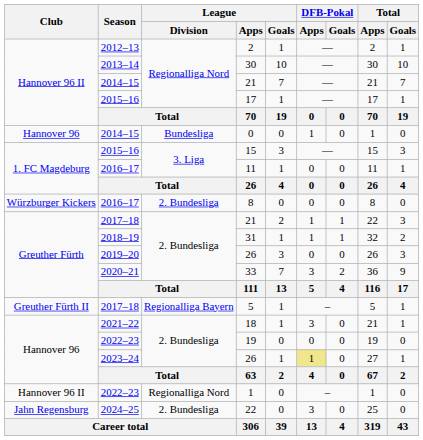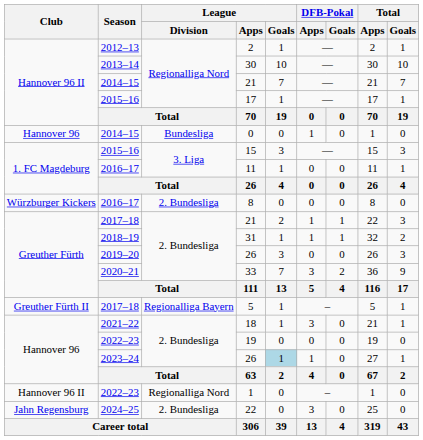 <table class="wikitable" style="text-align: center">
 <tr>
 <th rowspan="2">Club</th>
 <th rowspan="2">Season</th>
 <th colspan="3">League</th>
 <th colspan="2"><a href='#'>DFB-Pokal</a></th>
 <th colspan="2">Total</th>
 </tr>
 <tr>
 <th>Division</th>
 <th>Apps</th>
 <th>Goals</th>
 <th>Apps</th>
 <th>Goals</th>
 <th>Apps</th>
 <th>Goals</th>
 </tr>
 <tr>
 <td rowspan="5"><a href='#'>Hannover 96 II</a></td>
 <td><a href='#'>2012–13</a></td>
 <td rowspan="4"><a href='#'>Regionalliga Nord</a></td>
 <td>2</td>
 <td>1</td>
 <td colspan="2">—</td>
 <td>2</td>
 <td>1</td>
 </tr>
 <tr>
 <td><a href='#'>2013–14</a></td>
 <td>30</td>
 <td>10</td>
 <td colspan="2">—</td>
 <td>30</td>
 <td>10</td>
 </tr>
 <tr>
 <td><a href='#'>2014–15</a></td>
 <td>21</td>
 <td>7</td>
 <td colspan="2">—</td>
 <td>21</td>
 <td>7</td>
 </tr>
 <tr>
 <td><a href='#'>2015–16</a></td>
 <td>17</td>
 <td>1</td>
 <td colspan="2">—</td>
 <td>17</td>
 <td>1</td>
 </tr>
 <tr>
 <th colspan="2">Total</th>
 <th>70</th>
 <th>19</th>
 <th>0</th>
 <th>0</th>
 <th>70</th>
 <th>19</th>
 </tr>
 <tr>
 <td><a href='#'>Hannover 96</a></td>
 <td><a href='#'>2014–15</a></td>
 <td><a href='#'>Bundesliga</a></td>
 <td>0</td>
 <td>0</td>
 <td>1</td>
 <td>0</td>
 <td>1</td>
 <td>0</td>
 </tr>
 <tr>
 <td rowspan="3"><a href='#'>1. FC Magdeburg</a></td>
 <td><a href='#'>2015–16</a></td>
 <td rowspan="2"><a href='#'>3. Liga</a></td>
 <td>15</td>
 <td>3</td>
 <td colspan="2">—</td>
 <td>15</td>
 <td>3</td>
 </tr>
 <tr>
 <td><a href='#'>2016–17</a></td>
 <td>11</td>
 <td>1</td>
 <td>0</td>
 <td>0</td>
 <td>11</td>
 <td>1</td>
 </tr>
 <tr>
 <th colspan="2">Total</th>
 <th>26</th>
 <th>4</th>
 <th>0</th>
 <th>0</th>
 <th>26</th>
 <th>4</th>
 </tr>
 <tr>
 <td><a href='#'>Würzburger Kickers</a></td>
 <td><a href='#'>2016–17</a></td>
 <td><a href='#'>2. Bundesliga</a></td>
 <td>8</td>
 <td>0</td>
 <td>0</td>
 <td>0</td>
 <td>8</td>
 <td>0</td>
 </tr>
 <tr>
 <td rowspan="5"><a href='#'>Greuther Fürth</a></td>
 <td><a href='#'>2017–18</a></td>
 <td rowspan="4">2. Bundesliga</td>
 <td>21</td>
 <td>2</td>
 <td>1</td>
 <td>1</td>
 <td>22</td>
 <td>3</td>
 </tr>
 <tr>
 <td><a href='#'>2018–19</a></td>
 <td>31</td>
 <td>1</td>
 <td>1</td>
 <td>1</td>
 <td>32</td>
 <td>2</td>
 </tr>
 <tr>
 <td><a href='#'>2019–20</a></td>
 <td>26</td>
 <td>3</td>
 <td>0</td>
 <td>0</td>
 <td>26</td>
 <td>3</td>
 </tr>
 <tr>
 <td><a href='#'>2020–21</a></td>
 <td>33</td>
 <td>7</td>
 <td>3</td>
 <td>2</td>
 <td>36</td>
 <td>9</td>
 </tr>
 <tr>
 <th colspan="2">Total</th>
 <th>111</th>
 <th>13</th>
 <th>5</th>
 <th>4</th>
 <th>116</th>
 <th>17</th>
 </tr>
 <tr>
 <td><a href='#'>Greuther Fürth II</a></td>
 <td><a href='#'>2017–18</a></td>
 <td><a href='#'>Regionalliga Bayern</a></td>
 <td>5</td>
 <td>1</td>
 <td colspan="2">–</td>
 <td>5</td>
 <td>1</td>
 </tr>
 <tr>
 <td rowspan="4">Hannover 96</td>
 <td><a href='#'>2021–22</a></td>
 <td rowspan="3">2. Bundesliga</td>
 <td>18</td>
 <td>1</td>
 <td>3</td>
 <td>0</td>
 <td>21</td>
 <td>1</td>
 </tr>
 <tr>
 <td><a href='#'>2022–23</a></td>
 <td>19</td>
 <td>0</td>
 <td>0</td>
 <td>0</td>
 <td>19</td>
 <td>0</td>
 </tr>
 <tr>
 <td><a href='#'>2023–24</a></td>
 <td>26</td>
+<td style="background: lightblue;">1</td>
 <td>1</td>
-<td style="background: khaki;">1</td>
 <td>0</td>
 <td>27</td>
 <td>1</td>
 </tr>
 <tr>
 <th colspan="2">Total</th>
 <th>63</th>
 <th>2</th>
 <th>4</th>
 <th>0</th>
 <th>67</th>
 <th>2</th>
 </tr>
 <tr>
 <td>Hannover 96 II</td>
 <td><a href='#'>2022–23</a></td>
 <td>Regionalliga Nord</td>
 <td>1</td>
 <td>0</td>
 <td colspan="2">–</td>
 <td>1</td>
 <td>0</td>
 </tr>
 <tr>
 <td><a href='#'>Jahn Regensburg</a></td>
 <td><a href='#'>2024–25</a></td>
 <td>2. Bundesliga</td>
 <td>22</td>
 <td>0</td>
 <td>3</td>
 <td>0</td>
 <td>25</td>
 <td>0</td>
 </tr>
 <tr>
 <th colspan="3">Career total</th>
 <th>306</th>
 <th>39</th>
 <th>13</th>
 <th>4</th>
 <th>319</th>
 <th>43</th>
 </tr>
 </table>
